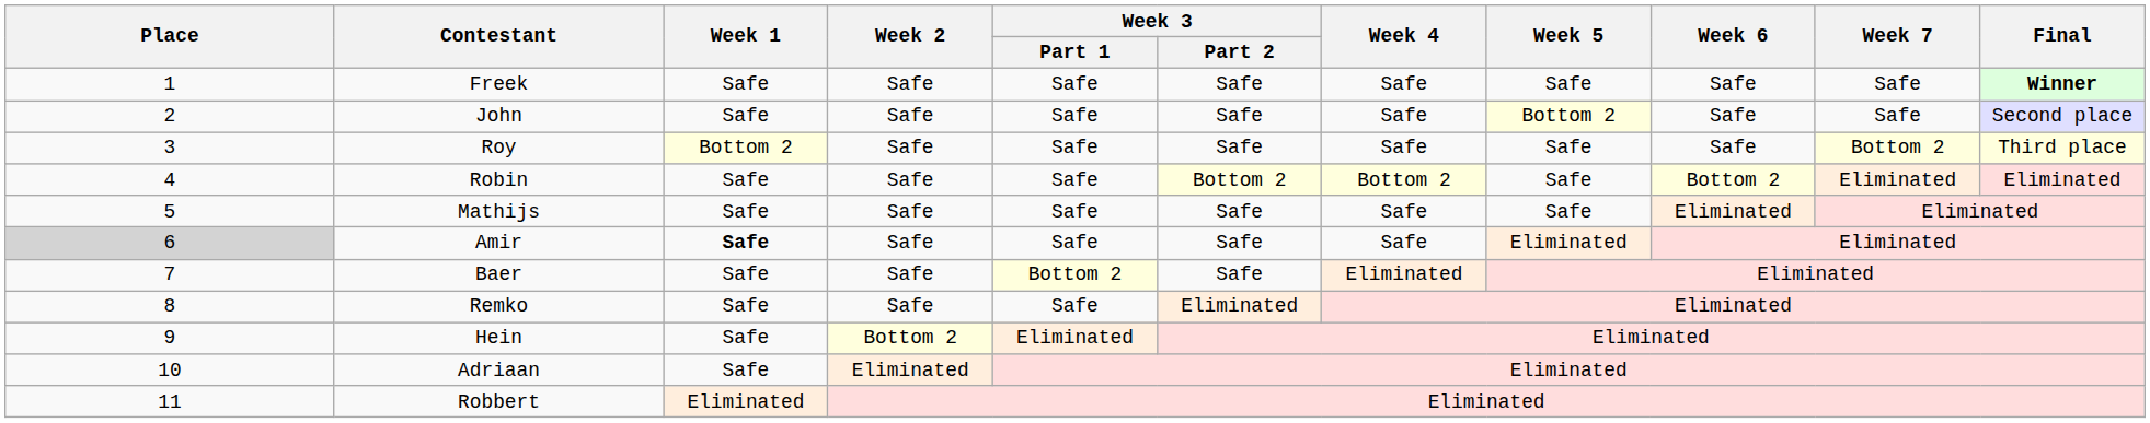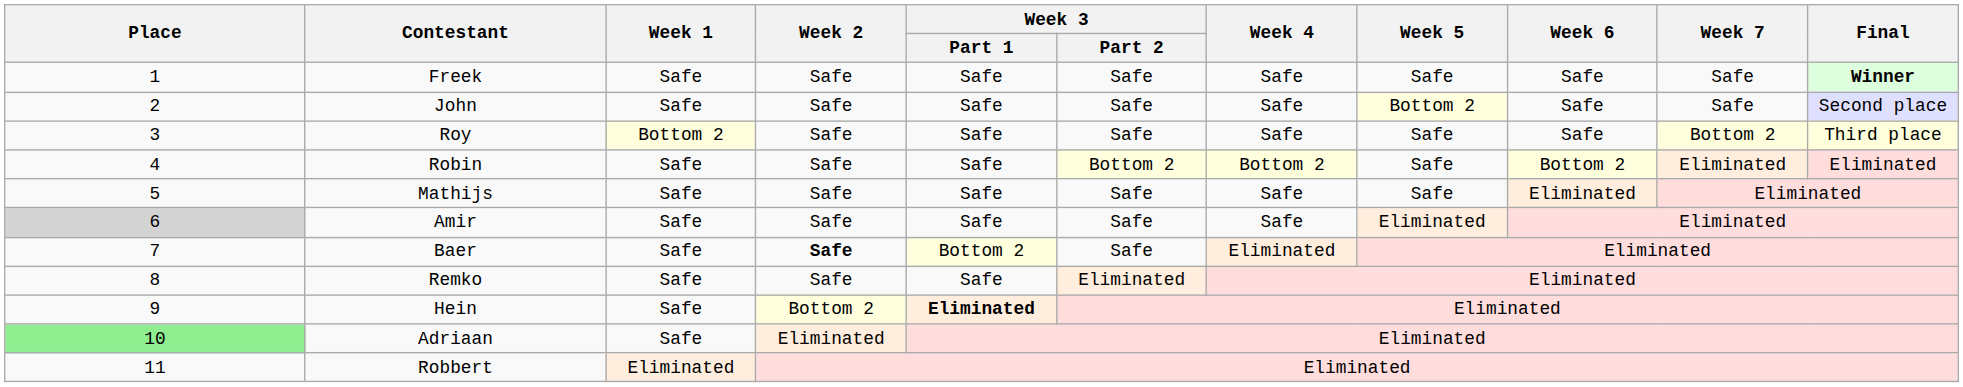 <table class="wikitable" style="text-align:center;">
 <tr>
 <th rowspan="2" style="width:14%;">Place</th>
 <th rowspan="2" style="width:14%;">Contestant</th>
 <th rowspan="2" style="width:7%;">Week 1</th>
 <th rowspan="2" style="width:7%;">Week 2</th>
 <th colspan="2" style="width:7%;">Week 3</th>
 <th rowspan="2" style="width:7%;">Week 4</th>
 <th rowspan="2" style="width:7%;">Week 5</th>
 <th rowspan="2" style="width:7%;">Week 6</th>
 <th rowspan="2" style="width:7%;">Week 7</th>
 <th rowspan="2" style="width:7%;">Final</th>
 </tr>
 <tr>
 <th style="width:7%;">Part 1</th>
 <th style="width:7%;">Part 2</th>
 </tr>
 <tr>
 <td>1</td>
 <td>Freek</td>
 <td>Safe</td>
 <td>Safe</td>
 <td>Safe</td>
 <td>Safe</td>
 <td>Safe</td>
 <td>Safe</td>
 <td>Safe</td>
 <td>Safe</td>
 <td style="background:#ddffdd;"><strong>Winner</strong></td>
 </tr>
 <tr>
 <td>2</td>
 <td>John</td>
 <td>Safe</td>
 <td>Safe</td>
 <td>Safe</td>
 <td>Safe</td>
 <td>Safe</td>
 <td style="background:#ffffdd;">Bottom 2</td>
 <td>Safe</td>
 <td>Safe</td>
 <td style="background:#dfdfff;">Second place</td>
 </tr>
 <tr>
 <td>3</td>
 <td>Roy</td>
 <td style="background:#ffffdd;">Bottom 2</td>
 <td>Safe</td>
 <td>Safe</td>
 <td>Safe</td>
 <td>Safe</td>
 <td>Safe</td>
 <td>Safe</td>
 <td style="background:#ffffdd;">Bottom 2</td>
 <td style="background:#ffffdd;">Third place</td>
 </tr>
 <tr>
 <td>4</td>
 <td>Robin</td>
 <td>Safe</td>
 <td>Safe</td>
 <td>Safe</td>
 <td style="background:#ffffdd;">Bottom 2</td>
 <td style="background:#ffffdd;">Bottom 2</td>
 <td>Safe</td>
 <td style="background:#ffffdd;">Bottom 2</td>
 <td style="background:#ffeedd;">Eliminated</td>
 <td style="background:#ffdddd;">Eliminated</td>
 </tr>
 <tr>
 <td>5</td>
 <td>Mathijs</td>
 <td>Safe</td>
 <td>Safe</td>
 <td>Safe</td>
 <td>Safe</td>
 <td>Safe</td>
 <td>Safe</td>
 <td style="background:#ffeedd;">Eliminated</td>
 <td style="background:#ffdddd;" colspan="3">Eliminated</td>
 </tr>
 <tr>
 <td style="background: lightgrey;">6</td>
 <td>Amir</td>
-<td><strong>Safe</strong></td>
+<td>Safe</td>
 <td>Safe</td>
 <td>Safe</td>
 <td>Safe</td>
 <td>Safe</td>
 <td style="background:#ffeedd;">Eliminated</td>
 <td style="background:#ffdddd;" colspan="4">Eliminated</td>
 </tr>
 <tr>
 <td>7</td>
 <td>Baer</td>
 <td>Safe</td>
-<td>Safe</td>
+<td><strong>Safe</strong></td>
 <td style="background:#ffffdd;">Bottom 2</td>
 <td>Safe</td>
 <td style="background:#ffeedd;">Eliminated</td>
 <td style="background:#ffdddd;" colspan="5">Eliminated</td>
 </tr>
 <tr>
 <td>8</td>
 <td>Remko</td>
 <td>Safe</td>
 <td>Safe</td>
 <td>Safe</td>
 <td style="background:#ffeedd;">Eliminated</td>
 <td style="background:#ffdddd;" colspan="6">Eliminated</td>
 </tr>
 <tr>
 <td>9</td>
 <td>Hein</td>
 <td>Safe</td>
 <td style="background:#ffffdd;">Bottom 2</td>
-<td style="background:#ffeedd;">Eliminated</td>
+<td style="background:#ffeedd;"><strong>Eliminated</strong></td>
 <td style="background:#ffdddd;" colspan="6">Eliminated</td>
 </tr>
 <tr>
-<td>10</td>
+<td style="background: lightgreen;">10</td>
 <td>Adriaan</td>
 <td>Safe</td>
 <td style="background:#ffeedd;">Eliminated</td>
 <td style="background:#ffdddd;" colspan="7">Eliminated</td>
 </tr>
 <tr>
 <td>11</td>
 <td>Robbert</td>
 <td style="background:#ffeedd;">Eliminated</td>
 <td style="background:#ffdddd;" colspan="8">Eliminated</td>
 </tr>
 </table>
